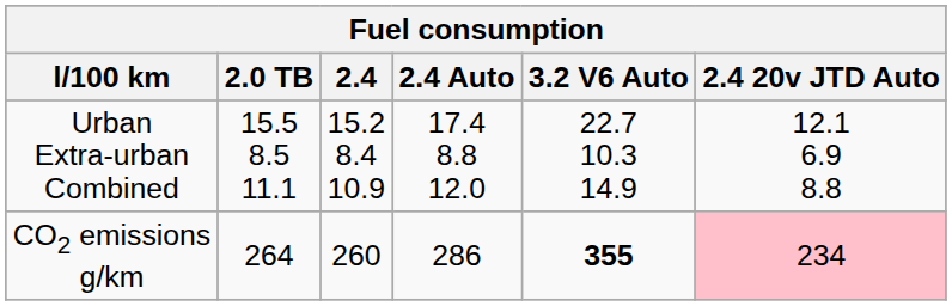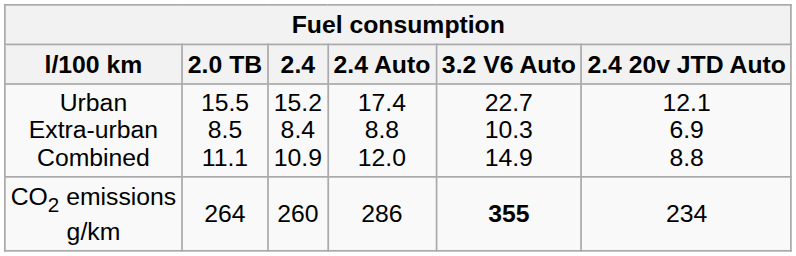 <table class="wikitable" style="text-align:center; font-size:90%;">
 <tr>
 <th colspan=15>Fuel consumption</th>
 </tr>
 <tr>
 <th>l/100 km</th>
 <th>2.0 TB</th>
 <th>2.4</th>
 <th>2.4 Auto</th>
 <th>3.2 V6 Auto</th>
 <th>2.4 20v JTD Auto</th>
 </tr>
 <tr>
 <td>Urban<br>Extra-urban<br>Combined</td>
 <td>15.5<br>8.5<br>11.1</td>
 <td>15.2<br>8.4<br>10.9</td>
 <td>17.4<br>8.8<br>12.0</td>
 <td>22.7<br>10.3<br>14.9</td>
 <td>12.1<br>6.9<br>8.8</td>
 </tr>
 <tr>
 <td>CO<sub>2</sub> emissions<br>g/km</td>
 <td>264</td>
 <td>260</td>
 <td>286</td>
 <td><strong>355</strong></td>
-<td style="background: pink;">234</td>
+<td>234</td>
 </tr>
 </table>
